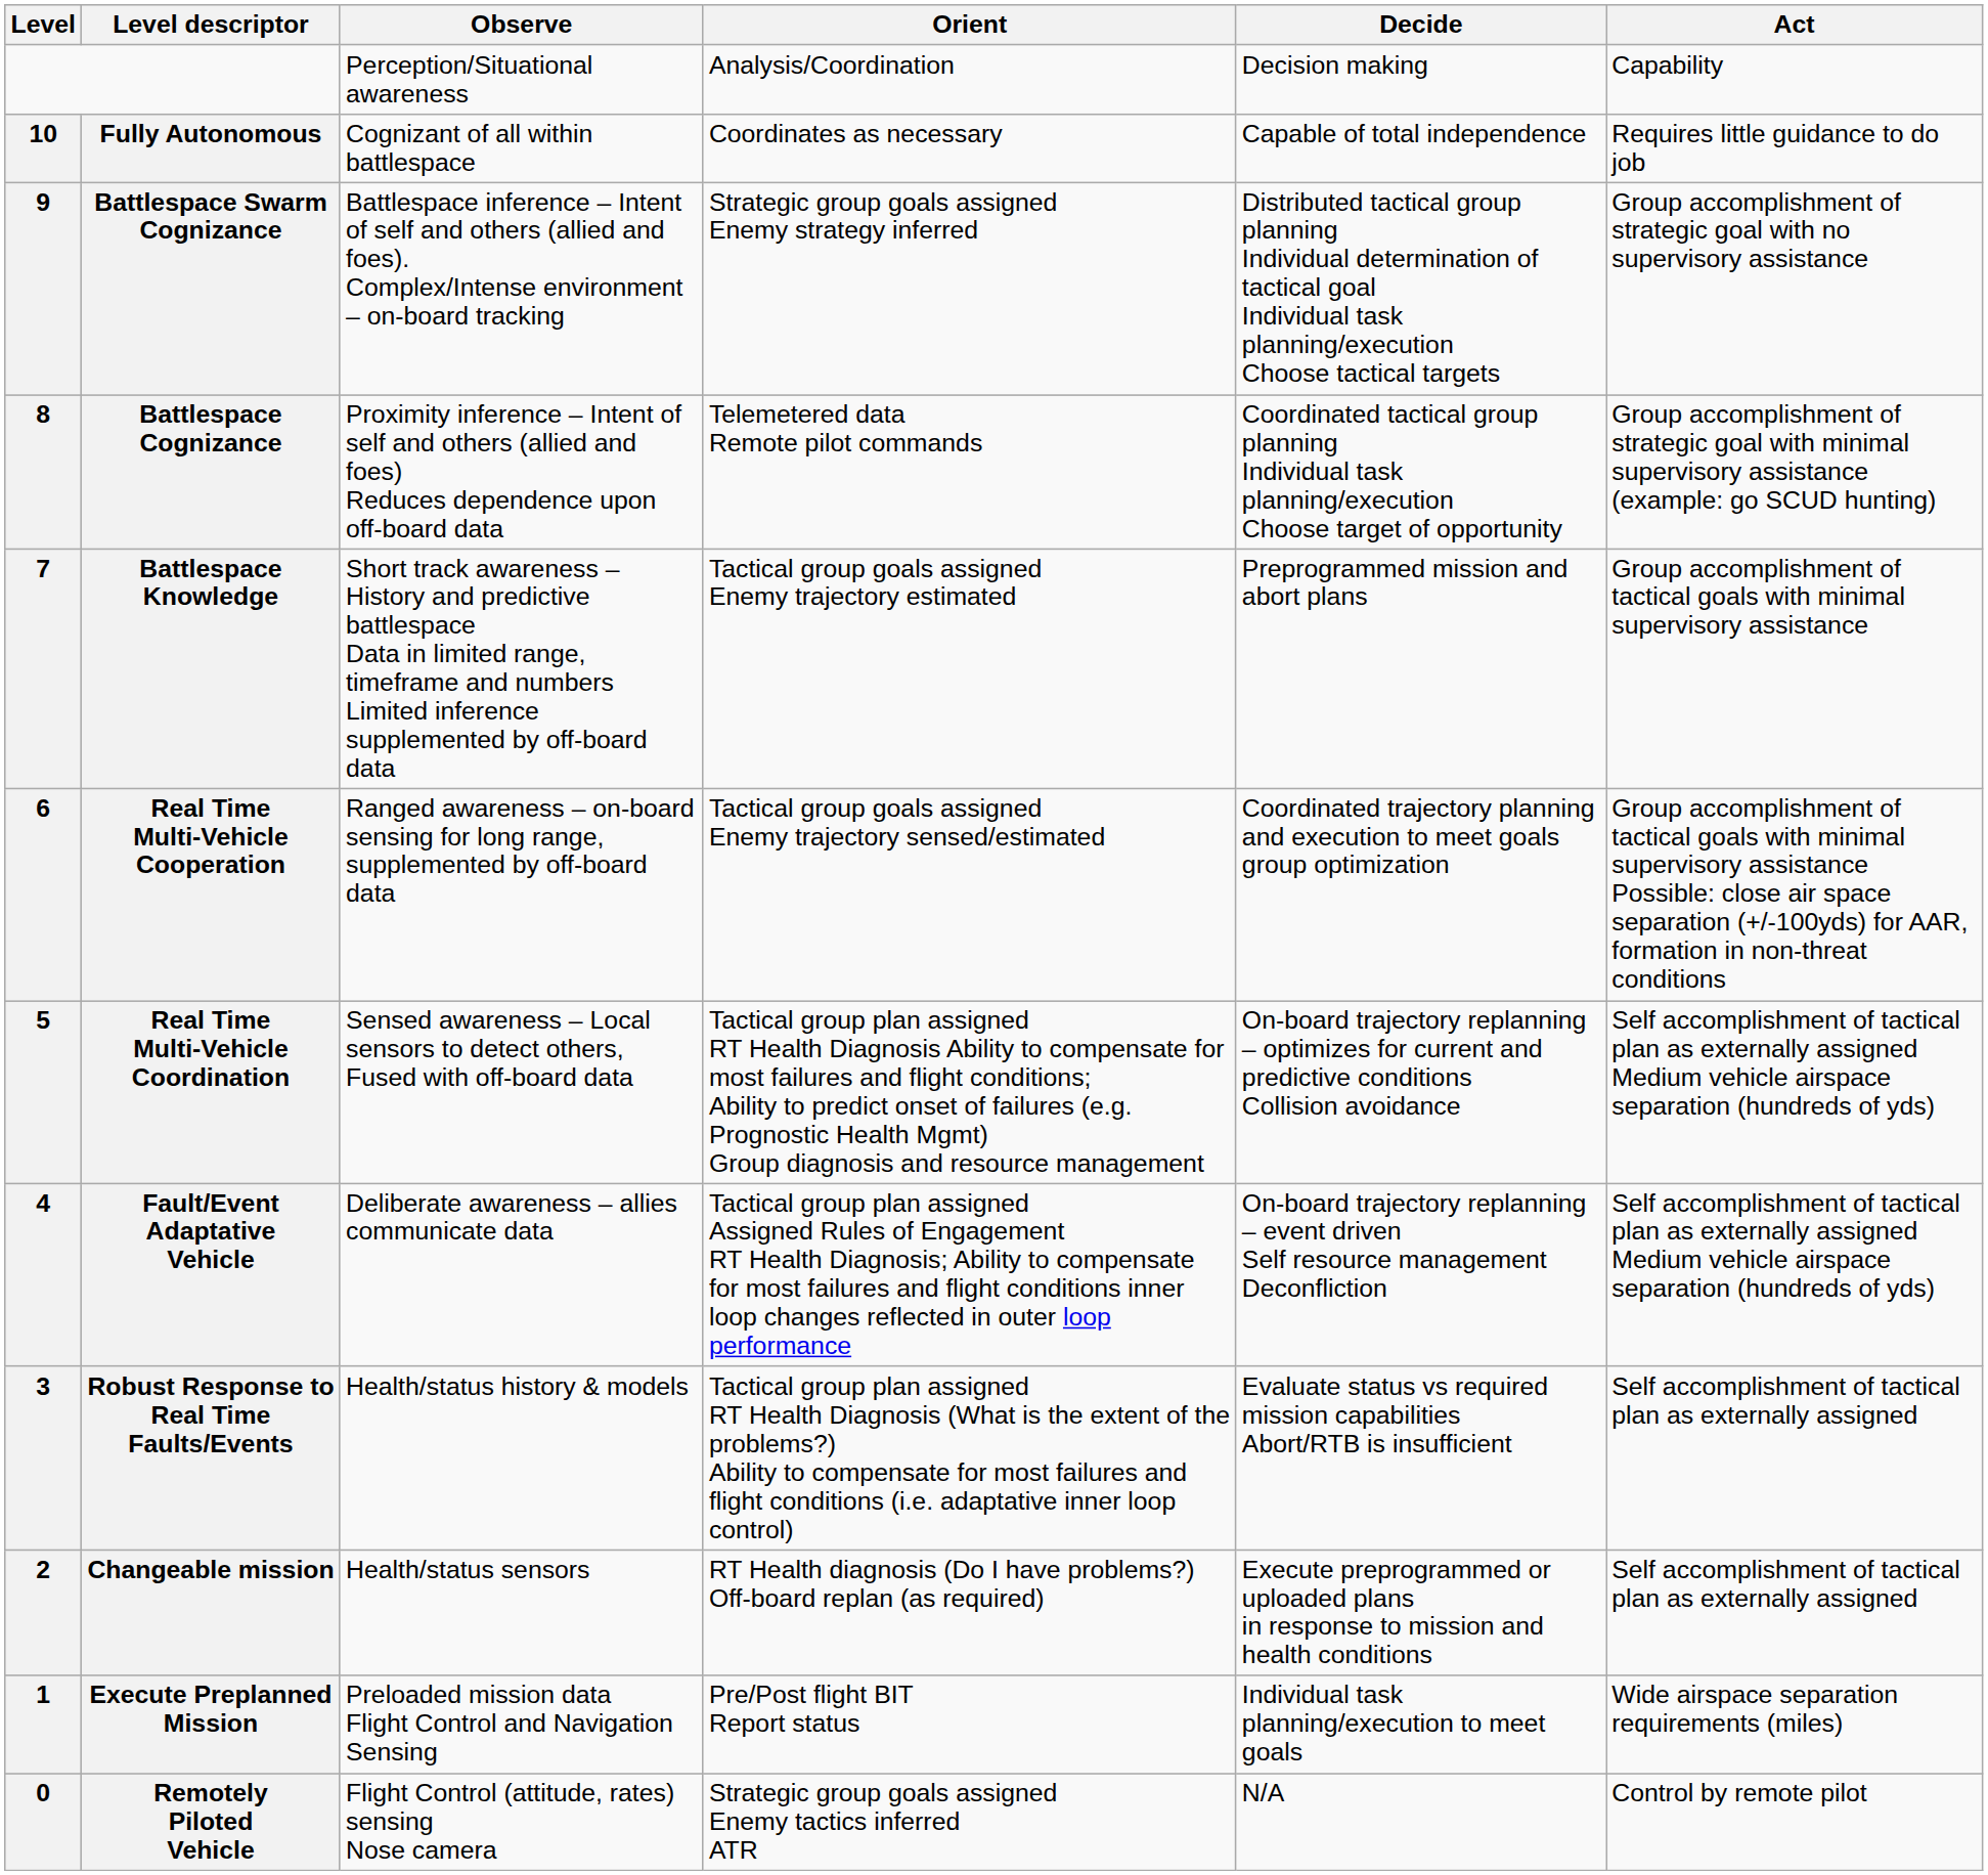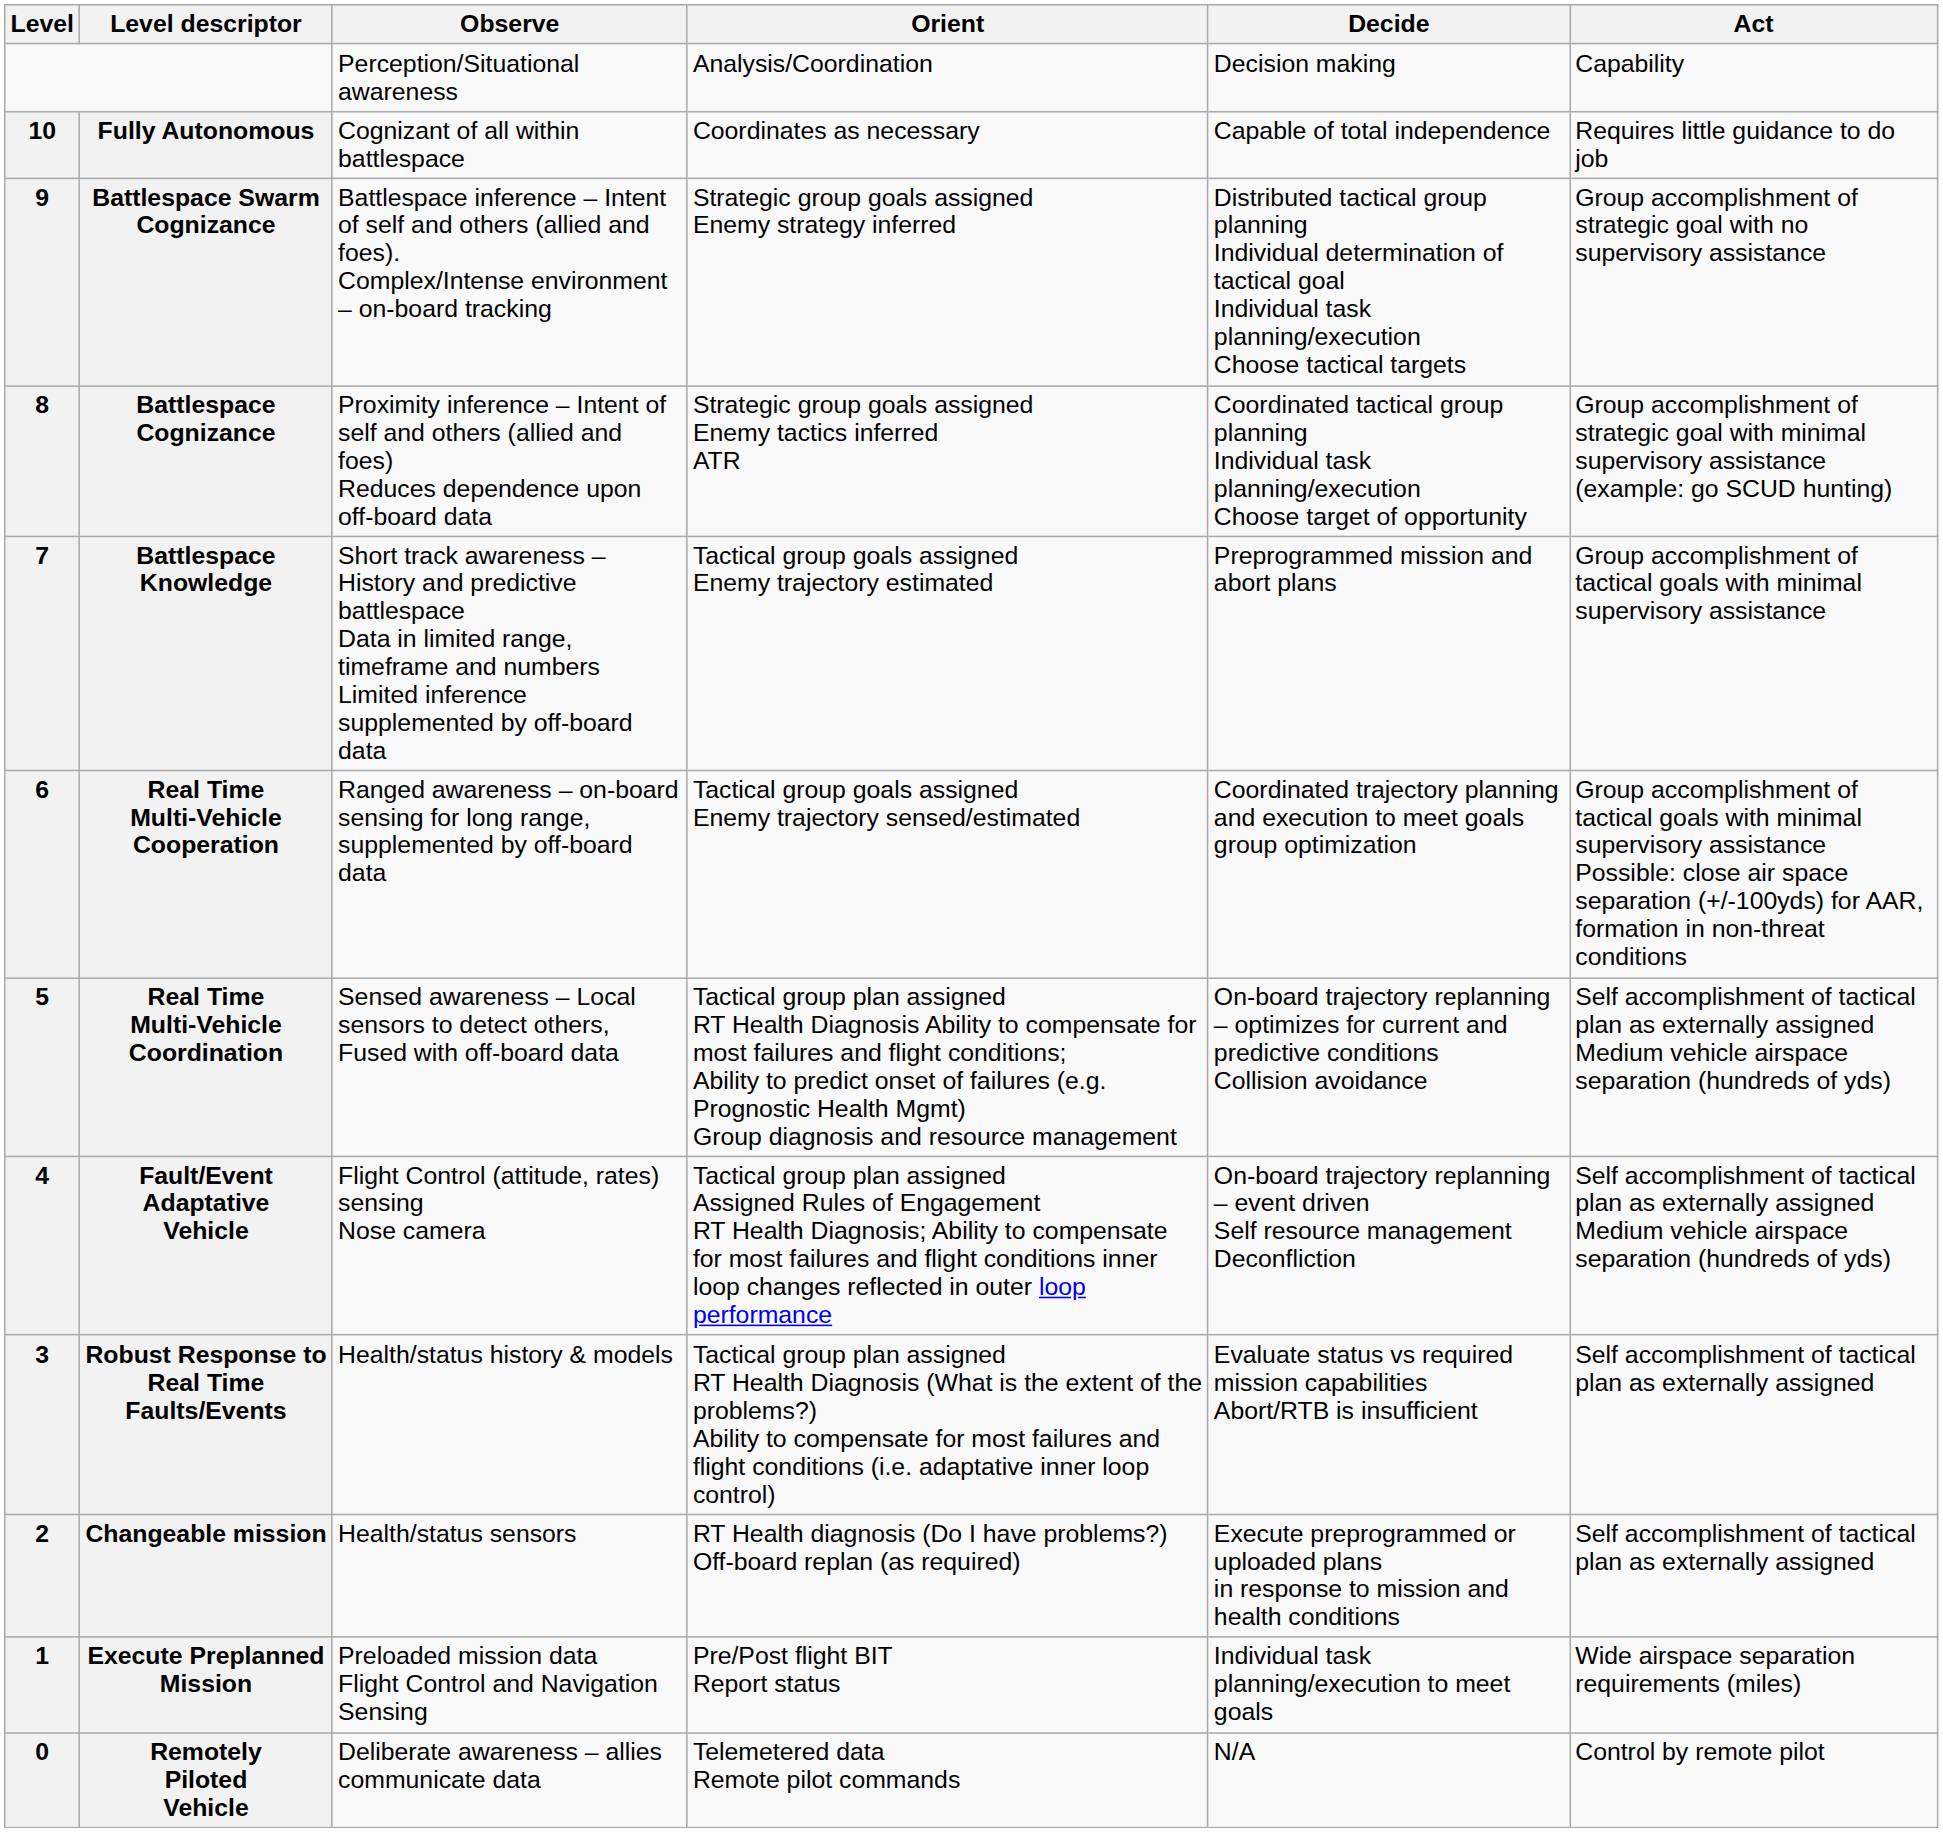 <table class="wikitable collapsible">
 <tr style="vertical-align: top;">
 <th>Level</th>
 <th>Level descriptor</th>
 <th>Observe</th>
 <th>Orient</th>
 <th>Decide</th>
 <th>Act</th>
 </tr>
 <tr style="vertical-align: top;">
 <td colspan="2"></td>
 <td>Perception/Situational awareness</td>
 <td>Analysis/Coordination</td>
 <td>Decision making</td>
 <td>Capability</td>
 </tr>
 <tr style="vertical-align: top;">
 <th>10</th>
 <th>Fully Autonomous</th>
 <td>Cognizant of all within battlespace</td>
 <td>Coordinates as necessary</td>
 <td>Capable of total independence</td>
 <td>Requires little guidance to do job</td>
 </tr>
 <tr style="vertical-align: top;">
 <th>9</th>
 <th>Battlespace Swarm Cognizance</th>
 <td>Battlespace inference – Intent of self and others (allied and foes).<br>Complex/Intense environment – on-board tracking</td>
 <td>Strategic group goals assigned<br>Enemy strategy inferred</td>
 <td>Distributed tactical group planning<br>Individual determination of tactical goal<br>Individual task planning/execution<br>Choose tactical targets</td>
 <td>Group accomplishment of strategic goal with no supervisory assistance</td>
 </tr>
 <tr style="vertical-align: top;">
 <th>8</th>
 <th>Battlespace Cognizance</th>
 <td>Proximity inference – Intent of self and others (allied and foes)<br>Reduces dependence upon off-board data</td>
-<td>Telemetered data<br>Remote pilot commands</td>
+<td>Strategic group goals assigned<br>Enemy tactics inferred<br>ATR</td>
 <td>Coordinated tactical group planning<br>Individual task planning/execution<br>Choose target of opportunity</td>
 <td>Group accomplishment of strategic goal with minimal supervisory assistance<br>(example: go SCUD hunting)</td>
 </tr>
 <tr style="vertical-align: top;">
 <th>7</th>
 <th>Battlespace Knowledge</th>
 <td>Short track awareness – History and predictive battlespace<br>Data in limited range, timeframe and numbers<br>Limited inference supplemented by off-board data</td>
 <td>Tactical group goals assigned<br>Enemy trajectory estimated</td>
 <td>Preprogrammed mission and abort plans</td>
 <td>Group accomplishment of tactical goals with minimal supervisory assistance</td>
 </tr>
 <tr style="vertical-align: top;">
 <th>6</th>
 <th>Real Time<br>Multi-Vehicle Cooperation</th>
 <td>Ranged awareness – on-board sensing for long range,<br>supplemented by off-board data</td>
 <td>Tactical group goals assigned<br>Enemy trajectory sensed/estimated</td>
 <td>Coordinated trajectory planning and execution to meet goals group optimization</td>
 <td>Group accomplishment of tactical goals with minimal supervisory assistance<br>Possible: close air space separation (+/-100yds) for AAR, formation in non-threat conditions</td>
 </tr>
 <tr style="vertical-align: top;">
 <th>5</th>
 <th>Real Time<br>Multi-Vehicle Coordination</th>
 <td>Sensed awareness – Local sensors to detect others,<br>Fused with off-board data</td>
 <td>Tactical group plan assigned<br>RT Health Diagnosis Ability to compensate for most failures and flight conditions;<br>Ability to predict onset of failures (e.g. Prognostic Health Mgmt)<br>Group diagnosis and resource management</td>
 <td>On-board trajectory replanning – optimizes for current and predictive conditions<br>Collision avoidance</td>
 <td>Self accomplishment of tactical plan as externally assigned<br>Medium vehicle airspace separation (hundreds of yds)</td>
 </tr>
 <tr style="vertical-align: top;">
 <th>4</th>
 <th>Fault/Event Adaptative<br>Vehicle</th>
-<td>Deliberate awareness – allies communicate data</td>
+<td>Flight Control (attitude, rates) sensing<br>Nose camera</td>
 <td>Tactical group plan assigned<br>Assigned Rules of Engagement<br>RT Health Diagnosis; Ability to compensate for most failures and flight conditions inner loop changes reflected in outer <a href='#'>loop performance</a></td>
 <td>On-board trajectory replanning – event driven<br>Self resource management<br>Deconfliction</td>
 <td>Self accomplishment of tactical plan as externally assigned<br>Medium vehicle airspace separation (hundreds of yds)</td>
 </tr>
 <tr style="vertical-align: top;">
 <th>3</th>
 <th>Robust Response to Real Time Faults/Events</th>
 <td>Health/status history & models</td>
 <td>Tactical group plan assigned<br>RT Health Diagnosis (What is the extent of the problems?)<br>Ability to compensate for most failures and flight conditions (i.e. adaptative inner loop control)</td>
 <td>Evaluate status vs required mission capabilities<br>Abort/RTB is insufficient</td>
 <td>Self accomplishment of tactical plan as externally assigned</td>
 </tr>
 <tr style="vertical-align: top;">
 <th>2</th>
 <th>Changeable mission</th>
 <td>Health/status sensors</td>
 <td>RT Health diagnosis (Do I have problems?)<br>Off-board replan (as required)</td>
 <td>Execute preprogrammed or uploaded plans<br>in response to mission and health conditions</td>
 <td>Self accomplishment of tactical plan as externally assigned</td>
 </tr>
 <tr style="vertical-align: top;">
 <th>1</th>
 <th>Execute Preplanned<br>Mission</th>
 <td>Preloaded mission data<br>Flight Control and Navigation Sensing</td>
 <td>Pre/Post flight BIT<br>Report status</td>
 <td>Individual task planning/execution to meet goals</td>
 <td>Wide airspace separation requirements (miles)</td>
 </tr>
 <tr style="vertical-align: top;">
 <th>0</th>
 <th>Remotely<br>Piloted<br>Vehicle</th>
-<td>Flight Control (attitude, rates) sensing<br>Nose camera</td>
-<td>Strategic group goals assigned<br>Enemy tactics inferred<br>ATR</td>
+<td>Deliberate awareness – allies communicate data</td>
+<td>Telemetered data<br>Remote pilot commands</td>
 <td>N/A</td>
 <td>Control by remote pilot</td>
 </tr>
 </table>
